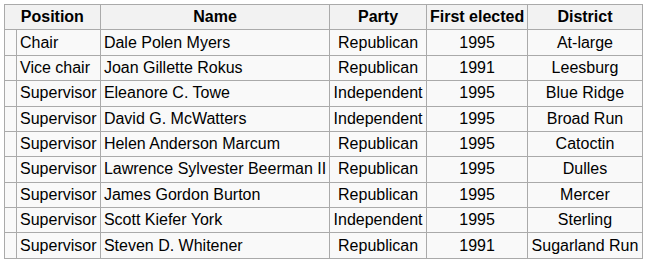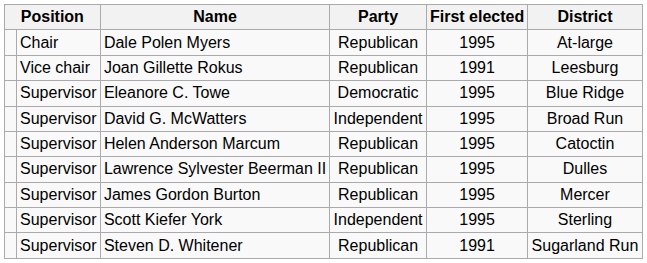 <table class="wikitable">
 <tr>
 <th colspan="2">Position</th>
 <th>Name</th>
 <th>Party</th>
 <th>First elected</th>
 <th>District</th>
 </tr>
 <tr>
 <td style="background-color:"> </td>
 <td>Chair</td>
 <td>Dale Polen Myers</td>
 <td style="text-align:center;">Republican</td>
 <td style="text-align:center;">1995</td>
 <td style="text-align:center;">At-large</td>
 </tr>
 <tr>
 <td style="background-color:"> </td>
 <td>Vice chair</td>
 <td>Joan Gillette Rokus</td>
 <td style="text-align:center;">Republican</td>
 <td style="text-align:center;">1991</td>
 <td style="text-align:center;">Leesburg</td>
 </tr>
 <tr>
 <td style="background-color:"> </td>
 <td>Supervisor</td>
 <td>Eleanore C. Towe</td>
-<td style="text-align:center;">Independent</td>
+<td style="text-align:center;">Democratic</td>
 <td style="text-align:center;">1995</td>
 <td style="text-align:center;">Blue Ridge</td>
 </tr>
 <tr>
 <td style="background-color:"> </td>
 <td>Supervisor</td>
 <td>David G. McWatters</td>
 <td style="text-align:center;">Independent</td>
 <td style="text-align:center;">1995</td>
 <td style="text-align:center;">Broad Run</td>
 </tr>
 <tr>
 <td style="background-color:"> </td>
 <td>Supervisor</td>
 <td>Helen Anderson Marcum</td>
 <td style="text-align:center;">Republican</td>
 <td style="text-align:center;">1995</td>
 <td style="text-align:center;">Catoctin</td>
 </tr>
 <tr>
 <td style="background-color:"> </td>
 <td>Supervisor</td>
 <td>Lawrence Sylvester Beerman II</td>
 <td style="text-align:center;">Republican</td>
 <td style="text-align:center;">1995</td>
 <td style="text-align:center;">Dulles</td>
 </tr>
 <tr>
 <td style="background-color:"> </td>
 <td>Supervisor</td>
 <td>James Gordon Burton</td>
 <td style="text-align:center;">Republican</td>
 <td style="text-align:center;">1995</td>
 <td style="text-align:center;">Mercer</td>
 </tr>
 <tr>
 <td style="background-color:"> </td>
 <td>Supervisor</td>
 <td>Scott Kiefer York</td>
 <td style="text-align:center;">Independent</td>
 <td style="text-align:center;">1995</td>
 <td style="text-align:center;">Sterling</td>
 </tr>
 <tr>
 <td style="background-color:"> </td>
 <td>Supervisor</td>
 <td>Steven D. Whitener</td>
 <td style="text-align:center;">Republican</td>
 <td style="text-align:center;">1991</td>
 <td style="text-align:center;">Sugarland Run</td>
 </tr>
 </table>
